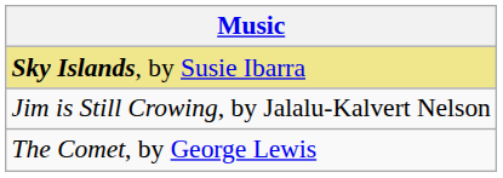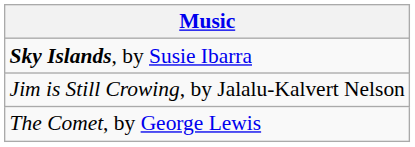 <table class="wikitable" style="float:left; float:none;">
 <tr>
 <th><a href='#'>Music</a></th>
 </tr>
 <tr>
-<td style="background: khaki;"><strong><em>Sky Islands</em></strong>, by <a href='#'>Susie Ibarra</a></td>
+<td><strong><em>Sky Islands</em></strong>, by <a href='#'>Susie Ibarra</a></td>
 </tr>
 <tr>
 <td><em>Jim is Still Crowing</em>, by Jalalu-Kalvert Nelson</td>
 </tr>
 <tr>
 <td><em>The Comet</em>, by <a href='#'>George Lewis</a></td>
 </tr>
 </table>
